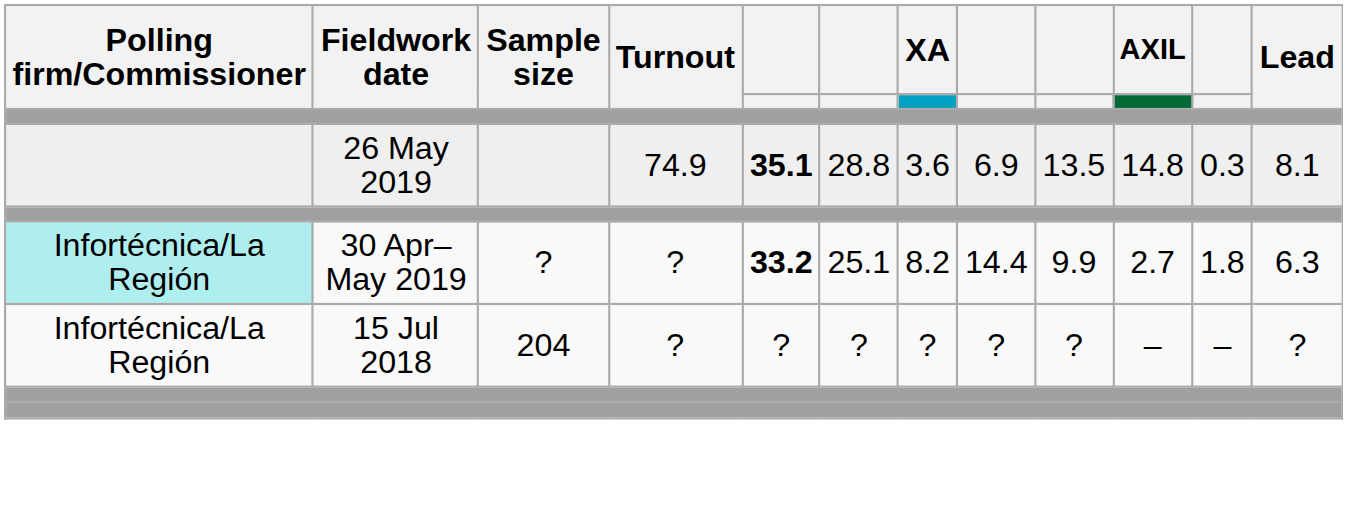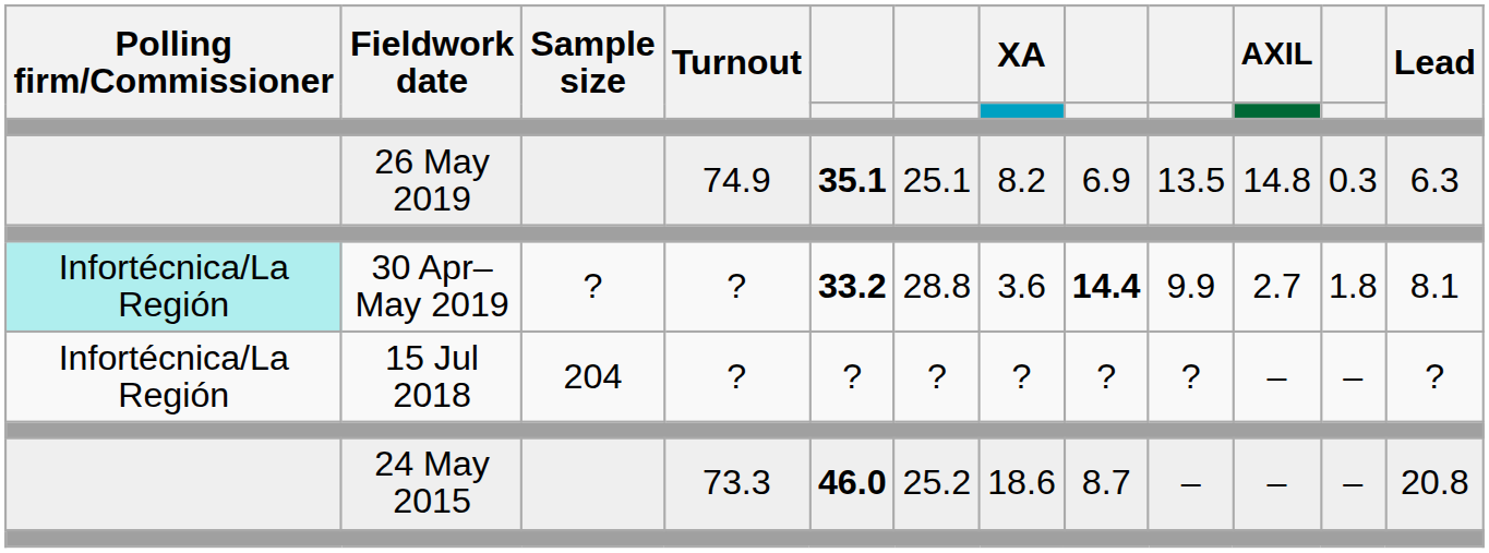 <table class="wikitable collapsible collapsed" style="text-align:center; font-size:95%; line-height:16px;">
 <tr style="height:42px;">
 <th style="width:250px;" rowspan="2">Polling firm/Commissioner</th>
 <th style="width:125px;" rowspan="2">Fieldwork date</th>
 <th style="width:50px;" rowspan="2">Sample size</th>
 <th style="width:45px;" rowspan="2">Turnout</th>
 <th style="width:35px;"></th>
 <th style="width:35px;"></th>
 <th style="width:35px;">XA</th>
 <th style="width:35px;"></th>
 <th style="width:35px;"></th>
 <th style="width:35px; font-size:90%;">AXIL</th>
 <th style="width:35px;"></th>
 <th style="width:30px;" rowspan="2">Lead</th>
 </tr>
 <tr>
 <th style="color:inherit;background:"></th>
 <th style="color:inherit;background:"></th>
 <th style="color:inherit;background:#00A1C2;"></th>
 <th style="color:inherit;background:"></th>
 <th style="color:inherit;background:"></th>
 <th style="color:inherit;background:#006936;"></th>
 <th style="color:inherit;background:"></th>
 </tr>
 <tr>
 <td colspan="12" style="background:#A0A0A0"></td>
 </tr>
 <tr style="background:#EFEFEF;">
 <td><strong></strong></td>
 <td>26 May 2019</td>
 <td></td>
 <td>74.9</td>
 <td><strong>35.1</strong><br></td>
-<td>28.8<br></td>
-<td>3.6<br></td>
+<td>25.1<br></td>
+<td>8.2<br></td>
 <td>6.9<br></td>
 <td>13.5<br></td>
 <td>14.8<br></td>
 <td>0.3<br></td>
-<td style="background:">8.1</td>
+<td style="background:">6.3</td>
 </tr>
 <tr>
 <td colspan="12" style="background:#A0A0A0"></td>
 </tr>
 <tr>
 <td style="background: paleturquoise;">Infortécnica/La Región</td>
 <td>30 Apr–May 2019</td>
 <td>?</td>
 <td>?</td>
 <td><strong>33.2</strong><br></td>
-<td>25.1<br></td>
-<td>8.2<br></td>
-<td>14.4<br></td>
+<td>28.8<br></td>
+<td>3.6<br></td>
+<td><strong>14.4<br></strong></td>
 <td>9.9<br></td>
 <td>2.7<br></td>
 <td>1.8<br></td>
-<td style="background:">6.3</td>
+<td style="background:">8.1</td>
 </tr>
 <tr>
 <td>Infortécnica/La Región</td>
 <td>15 Jul 2018</td>
 <td>204</td>
 <td>?</td>
 <td>?<br></td>
 <td>?<br></td>
 <td>?<br></td>
 <td>?<br></td>
 <td>?<br></td>
 <td>–</td>
 <td>–</td>
 <td style="background:">?</td>
 </tr>
 <tr>
 <td colspan="12" style="background:#A0A0A0"></td>
 </tr>
+<tr style="background:#EFEFEF;">
+<td><strong></strong></td>
+<td>24 May 2015</td>
+<td></td>
+<td>73.3</td>
+<td><strong>46.0</strong><br></td>
+<td>25.2<br></td>
+<td>18.6<br></td>
+<td>8.7<br></td>
+<td>–</td>
+<td>–</td>
+<td>–</td>
+<td style="background:">20.8</td>
+</tr>
 <tr>
 <td colspan="12" style="background:#A0A0A0"></td>
 </tr>
 </table>
